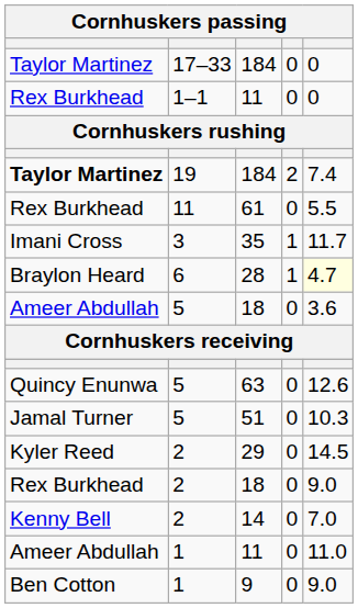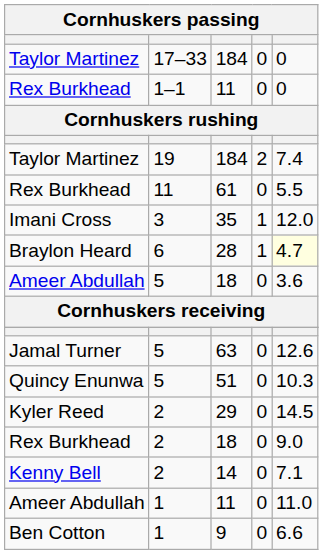 <table class="wikitable plainrowheaders">
 <tr>
 <th colspan="6">Cornhuskers passing</th>
 </tr>
 <tr>
 <th scope="col"></th>
 <th scope="col"></th>
 <th scope="col"></th>
 <th scope="col"></th>
 <th scope="col"></th>
 </tr>
 <tr>
 <td><a href='#'>Taylor Martinez</a></td>
 <td>17–33</td>
 <td>184</td>
 <td>0</td>
 <td>0</td>
 </tr>
 <tr>
 <td><a href='#'>Rex Burkhead</a></td>
 <td>1–1</td>
 <td>11</td>
 <td>0</td>
 <td>0</td>
 </tr>
 <tr>
 <th colspan="6">Cornhuskers rushing</th>
 </tr>
 <tr>
 <th scope="col"></th>
 <th scope="col"></th>
 <th scope="col"></th>
 <th scope="col"></th>
 <th scope="col"></th>
 </tr>
 <tr>
-<td><strong>Taylor Martinez</strong></td>
+<td>Taylor Martinez</td>
 <td>19</td>
 <td>184</td>
 <td>2</td>
 <td>7.4</td>
 </tr>
 <tr>
 <td>Rex Burkhead</td>
 <td>11</td>
 <td>61</td>
 <td>0</td>
 <td>5.5</td>
 </tr>
 <tr>
 <td>Imani Cross</td>
 <td>3</td>
 <td>35</td>
 <td>1</td>
-<td>11.7</td>
+<td>12.0</td>
 </tr>
 <tr>
 <td>Braylon Heard</td>
 <td>6</td>
 <td>28</td>
 <td>1</td>
 <td style="background: lightyellow;">4.7</td>
 </tr>
 <tr>
 <td><a href='#'>Ameer Abdullah</a></td>
 <td>5</td>
 <td>18</td>
 <td>0</td>
 <td>3.6</td>
 </tr>
 <tr>
 <th colspan="6">Cornhuskers receiving</th>
 </tr>
 <tr>
 </tr>
 <tr>
 <th scope="col"></th>
 <th scope="col"></th>
 <th scope="col"></th>
 <th scope="col"></th>
 <th scope="col"></th>
 </tr>
 <tr>
-<td>Quincy Enunwa</td>
+<td>Jamal Turner</td>
 <td>5</td>
 <td>63</td>
 <td>0</td>
 <td>12.6</td>
 </tr>
 <tr>
-<td>Jamal Turner</td>
+<td>Quincy Enunwa</td>
 <td>5</td>
 <td>51</td>
 <td>0</td>
 <td>10.3</td>
 </tr>
 <tr>
 <td>Kyler Reed</td>
 <td>2</td>
 <td>29</td>
 <td>0</td>
 <td>14.5</td>
 </tr>
 <tr>
 <td>Rex Burkhead</td>
 <td>2</td>
 <td>18</td>
 <td>0</td>
 <td>9.0</td>
 </tr>
 <tr>
 <td><a href='#'>Kenny Bell</a></td>
 <td>2</td>
 <td>14</td>
 <td>0</td>
-<td>7.0</td>
+<td>7.1</td>
 </tr>
 <tr>
 <td>Ameer Abdullah</td>
 <td>1</td>
 <td>11</td>
 <td>0</td>
 <td>11.0</td>
 </tr>
 <tr>
 <td>Ben Cotton</td>
 <td>1</td>
 <td>9</td>
 <td>0</td>
-<td>9.0</td>
+<td>6.6</td>
 </tr>
 </table>
